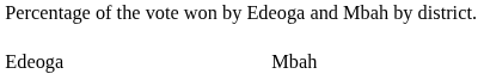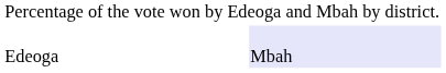 <table align=center>
 <tr>
 <td colspan=2>Percentage of the vote won by Edeoga and Mbah by district.</td>
 </tr>
 <tr>
 <td><br>Edeoga<br> </td>
-<td><br>Mbah<br> </td>
+<td style="background: lavender;"><br>Mbah<br> </td>
 </tr>
 </table>
